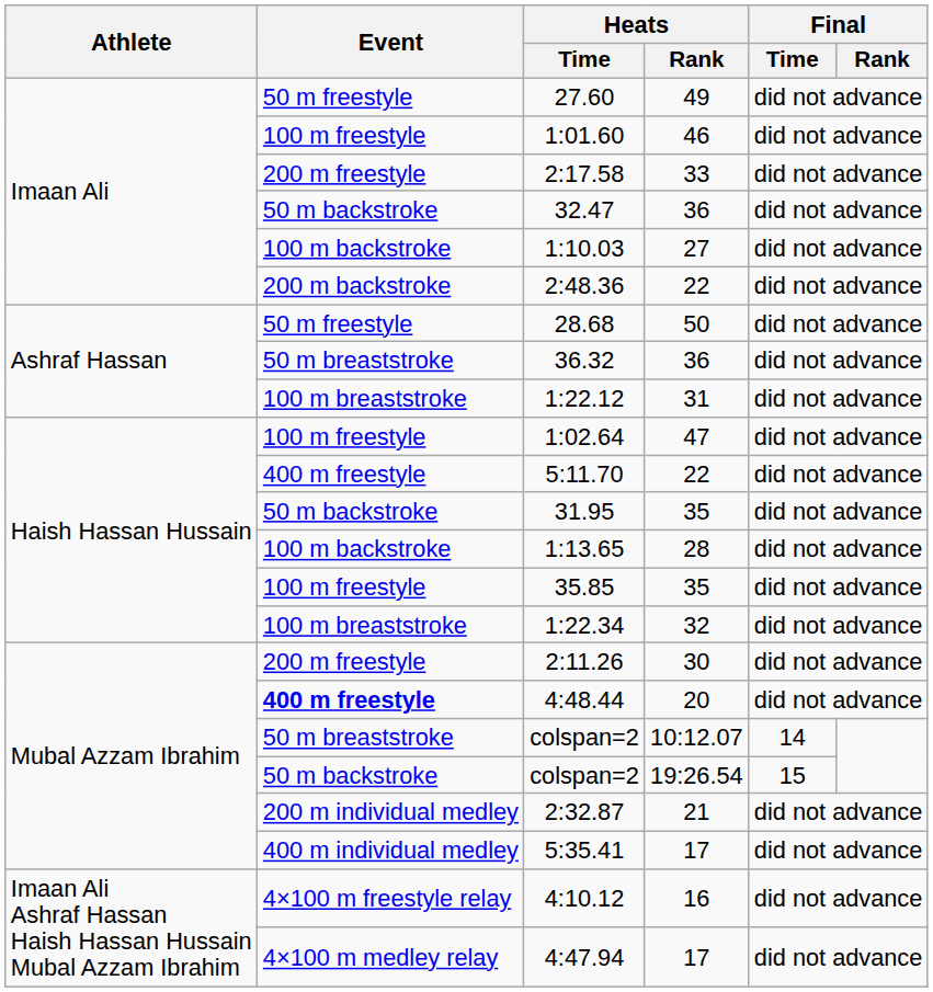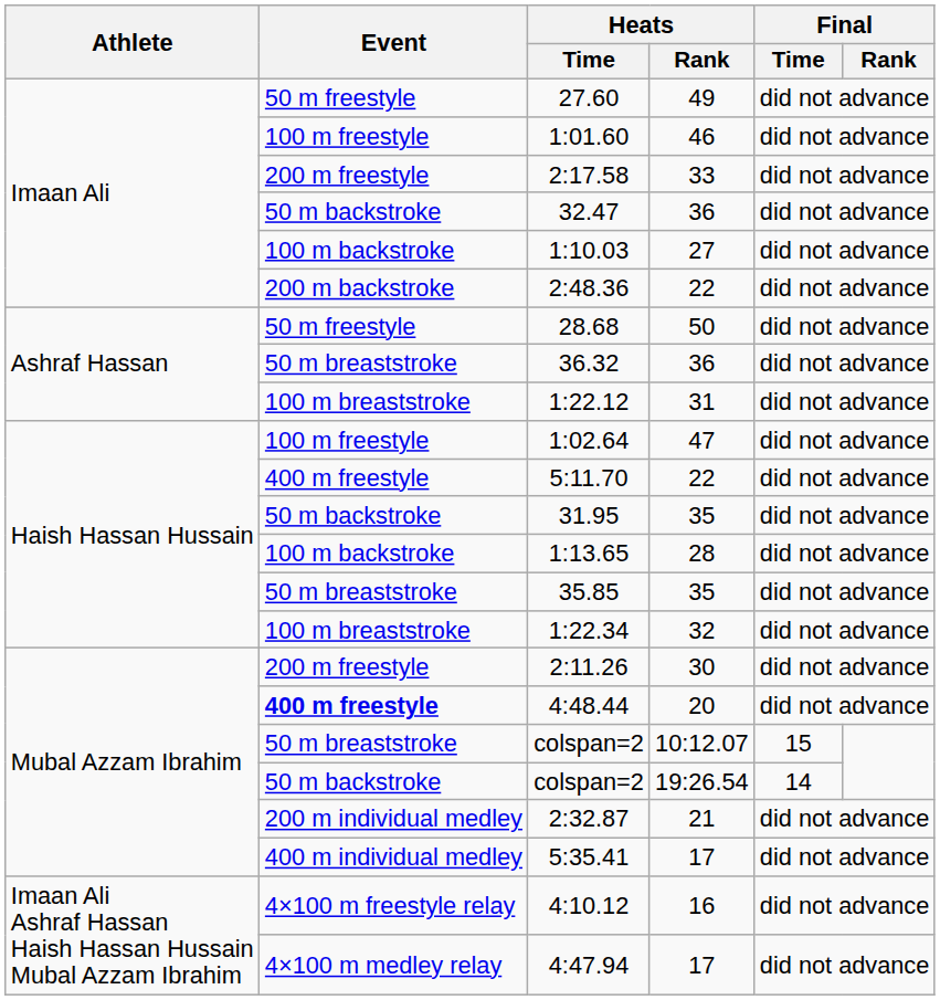 <table class=wikitable style=font-size:90%;text-align:center>
 <tr>
 <th rowspan="2">Athlete</th>
 <th rowspan="2">Event</th>
 <th colspan="2">Heats</th>
 <th colspan="2">Final</th>
 </tr>
 <tr style="font-size:95%">
 <th>Time</th>
 <th>Rank</th>
 <th>Time</th>
 <th>Rank</th>
 </tr>
 <tr>
 <td align=left rowspan=6>Imaan Ali</td>
 <td align=left><a href='#'>50 m freestyle</a></td>
 <td>27.60</td>
 <td>49</td>
 <td colspan=2>did not advance</td>
 </tr>
 <tr>
 <td align=left><a href='#'>100 m freestyle</a></td>
 <td>1:01.60</td>
 <td>46</td>
 <td colspan=2>did not advance</td>
 </tr>
 <tr>
 <td align=left><a href='#'>200 m freestyle</a></td>
 <td>2:17.58</td>
 <td>33</td>
 <td colspan=2>did not advance</td>
 </tr>
 <tr>
 <td align=left><a href='#'>50 m backstroke</a></td>
 <td>32.47</td>
 <td>36</td>
 <td colspan=2>did not advance</td>
 </tr>
 <tr>
 <td align=left><a href='#'>100 m backstroke</a></td>
 <td>1:10.03</td>
 <td>27</td>
 <td colspan=2>did not advance</td>
 </tr>
 <tr>
 <td align=left><a href='#'>200 m backstroke</a></td>
 <td>2:48.36</td>
 <td>22</td>
 <td colspan=2>did not advance</td>
 </tr>
 <tr>
 <td align=left rowspan=3>Ashraf Hassan</td>
 <td align=left><a href='#'>50 m freestyle</a></td>
 <td>28.68</td>
 <td>50</td>
 <td colspan=2>did not advance</td>
 </tr>
 <tr>
 <td align=left><a href='#'>50 m breaststroke</a></td>
 <td>36.32</td>
 <td>36</td>
 <td colspan=2>did not advance</td>
 </tr>
 <tr>
 <td align=left><a href='#'>100 m breaststroke</a></td>
 <td>1:22.12</td>
 <td>31</td>
 <td colspan=2>did not advance</td>
 </tr>
 <tr>
 <td align=left rowspan=6>Haish Hassan Hussain</td>
 <td align=left><a href='#'>100 m freestyle</a></td>
 <td>1:02.64</td>
 <td>47</td>
 <td colspan=2>did not advance</td>
 </tr>
 <tr>
 <td align=left><a href='#'>400 m freestyle</a></td>
 <td>5:11.70</td>
 <td>22</td>
 <td colspan=2>did not advance</td>
 </tr>
 <tr>
 <td align=left><a href='#'>50 m backstroke</a></td>
 <td>31.95</td>
 <td>35</td>
 <td colspan=2>did not advance</td>
 </tr>
 <tr>
 <td align=left><a href='#'>100 m backstroke</a></td>
 <td>1:13.65</td>
 <td>28</td>
 <td colspan=2>did not advance</td>
 </tr>
 <tr>
-<td align=left><a href='#'>100 m freestyle</a></td>
+<td align=left><a href='#'>50 m breaststroke</a></td>
 <td>35.85</td>
 <td>35</td>
 <td colspan=2>did not advance</td>
 </tr>
 <tr>
 <td align=left><a href='#'>100 m breaststroke</a></td>
 <td>1:22.34</td>
 <td>32</td>
 <td colspan=2>did not advance</td>
 </tr>
 <tr>
 <td align=left rowspan=6>Mubal Azzam Ibrahim</td>
 <td align=left><a href='#'>200 m freestyle</a></td>
 <td>2:11.26</td>
 <td>30</td>
 <td colspan=2>did not advance</td>
 </tr>
 <tr>
 <td align=left><strong><a href='#'>400 m freestyle</a></strong></td>
 <td>4:48.44</td>
 <td>20</td>
 <td colspan=2>did not advance</td>
 </tr>
 <tr>
 <td align=left><a href='#'>50 m breaststroke</a></td>
 <td>colspan=2 </td>
 <td>10:12.07</td>
-<td>14</td>
+<td>15</td>
 </tr>
 <tr>
 <td align=left><a href='#'>50 m backstroke</a></td>
 <td>colspan=2 </td>
 <td>19:26.54</td>
-<td>15</td>
+<td>14</td>
 </tr>
 <tr>
 <td align=left><a href='#'>200 m individual medley</a></td>
 <td>2:32.87</td>
 <td>21</td>
 <td colspan=2>did not advance</td>
 </tr>
 <tr>
 <td align=left><a href='#'>400 m individual medley</a></td>
 <td>5:35.41</td>
 <td>17</td>
 <td colspan=2>did not advance</td>
 </tr>
 <tr>
 <td align=left rowspan=2>Imaan Ali<br>Ashraf Hassan<br>Haish Hassan Hussain<br>Mubal Azzam Ibrahim</td>
 <td align=left><a href='#'>4×100 m freestyle relay</a></td>
 <td>4:10.12</td>
 <td>16</td>
 <td colspan=2>did not advance</td>
 </tr>
 <tr>
 <td align=left><a href='#'>4×100 m medley relay</a></td>
 <td>4:47.94</td>
 <td>17</td>
 <td colspan=2>did not advance</td>
 </tr>
 </table>
